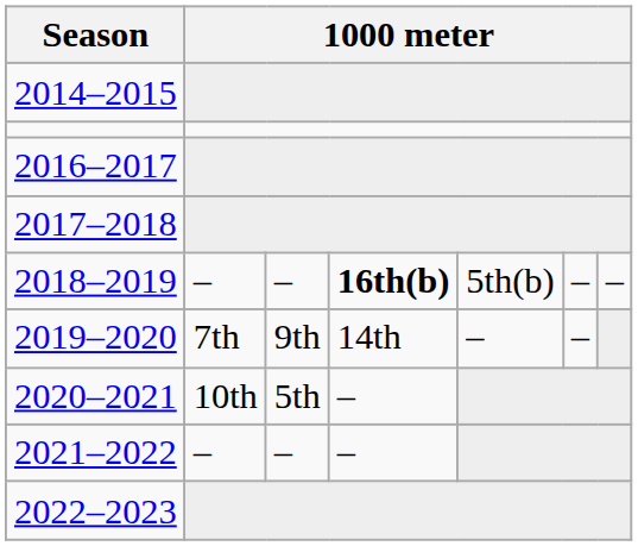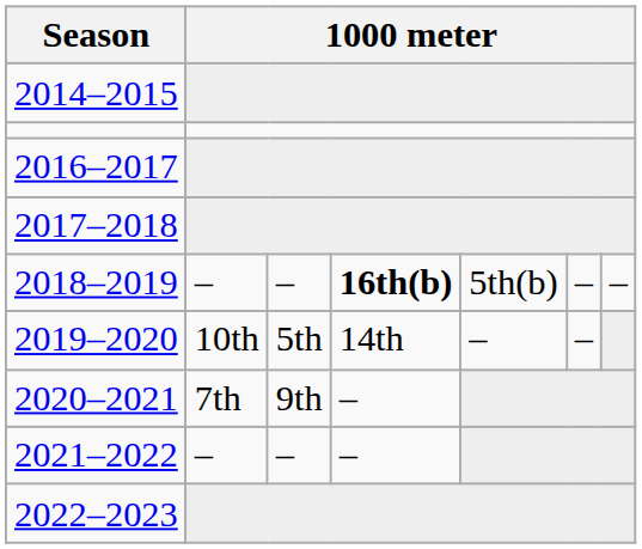 <table class="wikitable" style="display: inline-table;">
 <tr>
 <th>Season</th>
 <th colspan="12">1000 meter</th>
 </tr>
 <tr>
 <td><a href='#'>2014–2015</a></td>
 <td colspan="6" bgcolor=#EEEEEE></td>
 </tr>
 <tr>
 <td></td>
 </tr>
 <tr>
 <td><a href='#'>2016–2017</a></td>
 <td colspan="6" bgcolor=#EEEEEE></td>
 </tr>
 <tr>
 <td><a href='#'>2017–2018</a></td>
 <td colspan="6" bgcolor=#EEEEEE></td>
 </tr>
 <tr>
 <td><a href='#'>2018–2019</a></td>
 <td>–</td>
 <td>–</td>
 <td><strong>16th(b)</strong></td>
 <td>5th(b)</td>
 <td>–</td>
 <td>–</td>
 </tr>
 <tr>
 <td><a href='#'>2019–2020</a></td>
-<td>7th</td>
-<td>9th</td>
+<td>10th</td>
+<td>5th</td>
 <td>14th</td>
 <td>–</td>
 <td>–</td>
 <td colspan="1" bgcolor=#EEEEEE></td>
 </tr>
 <tr>
 <td><a href='#'>2020–2021</a></td>
-<td>10th</td>
-<td>5th</td>
+<td>7th</td>
+<td>9th</td>
 <td>–</td>
 <td colspan="3" bgcolor=#EEEEEE></td>
 </tr>
 <tr>
 <td><a href='#'>2021–2022</a></td>
 <td>–</td>
 <td>–</td>
 <td>–</td>
 <td colspan="3" bgcolor=#EEEEEE></td>
 </tr>
 <tr>
 <td><a href='#'>2022–2023</a></td>
 <td colspan="6" bgcolor=#EEEEEE></td>
 </tr>
 </table>
